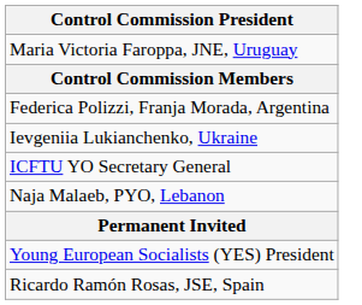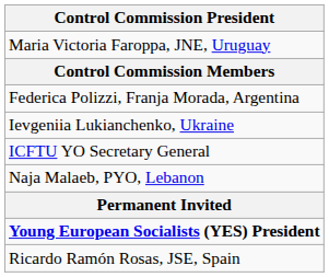 <table class="wikitable">
 <tr>
 <th><strong>Control Commission President</strong></th>
 </tr>
 <tr>
 <td> Maria Victoria Faroppa, JNE, <a href='#'>Uruguay</a></td>
 </tr>
 <tr>
 <th><strong>Control Commission Members</strong></th>
 </tr>
 <tr>
 <td> Federica Polizzi, Franja Morada, Argentina</td>
 </tr>
 <tr>
 <td> Ievgeniia Lukianchenko, <a href='#'>Ukraine</a></td>
 </tr>
 <tr>
 <td><a href='#'>ICFTU</a> YO Secretary General</td>
 </tr>
 <tr>
 <td> Naja Malaeb, PYO, <a href='#'>Lebanon</a></td>
 </tr>
 <tr>
 <th><strong>Permanent Invited</strong></th>
 </tr>
 <tr>
-<td><a href='#'>Young European Socialists</a> (YES) President</td>
+<td><strong><a href='#'>Young European Socialists</a> (YES) President</strong></td>
 </tr>
 <tr>
 <td> Ricardo Ramón Rosas, JSE, Spain</td>
 </tr>
 </table>
